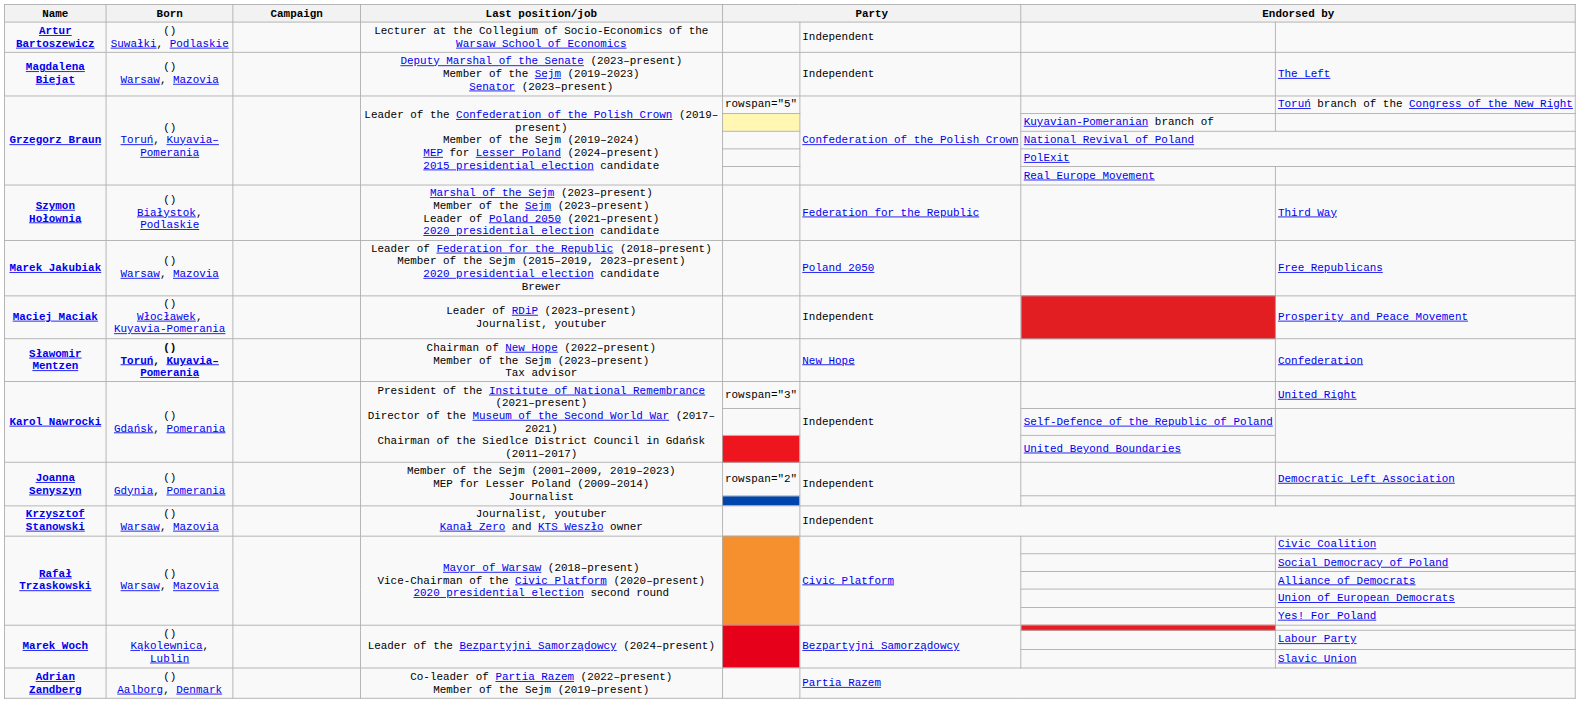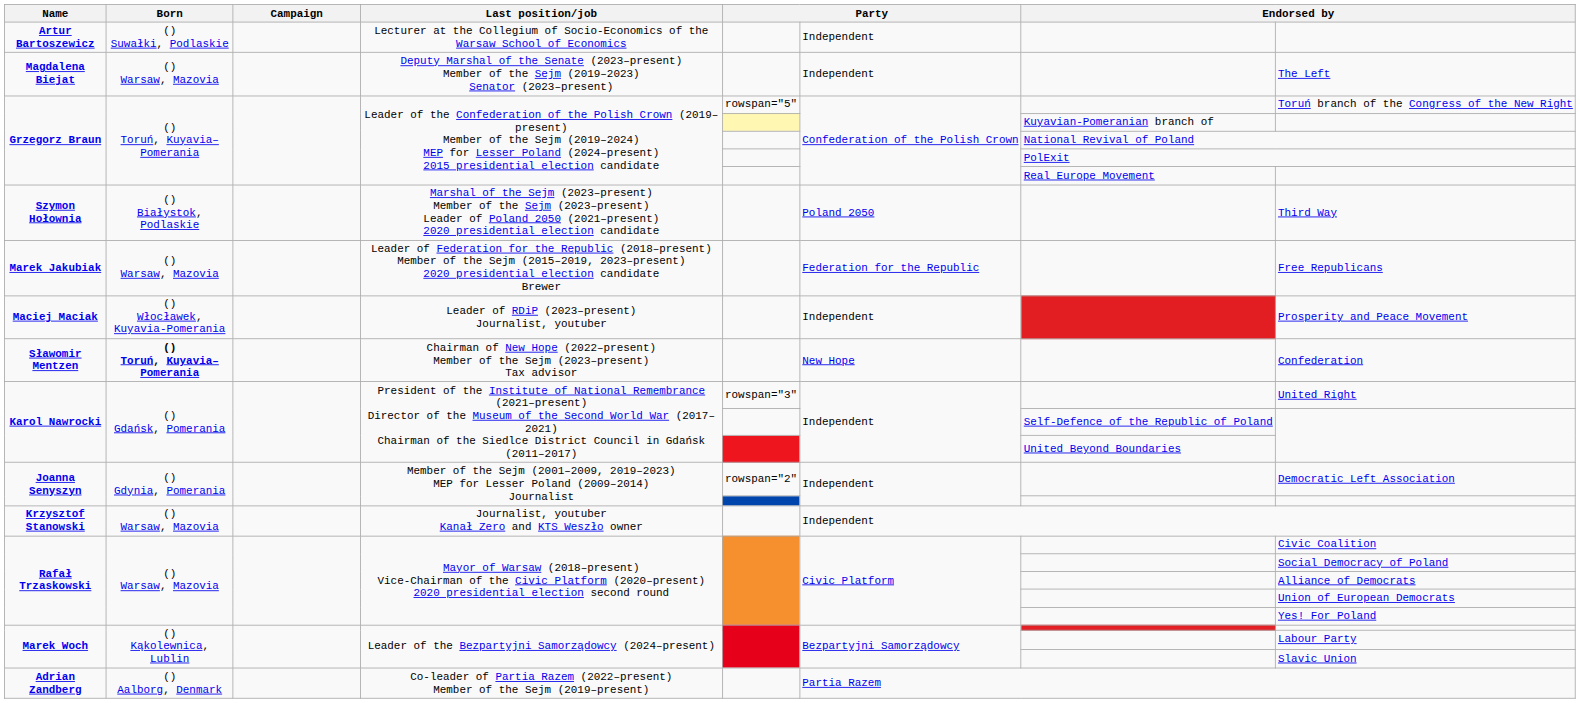 <table class="wikitable sortable" style="text-align:center;">
 <tr>
 <th style="width: 115px;">Name</th>
 <th style="width: 145px;">Born</th>
 <th style="width: 145px;">Campaign</th>
 <th style="width: 425px;", class="unsortable">Last position/job</th>
 <th style="width: 215px;" colspan="2">Party</th>
 <th style="width: 215px;" colspan="2">Endorsed by</th>
 </tr>
 <tr>
 <td data-sort-value="Bartoszewicz, Artur"><strong><a href='#'>Artur Bartoszewicz</a></strong></td>
 <td> ()<br><a href='#'>Suwałki</a>, <a href='#'>Podlaskie</a></td>
 <td></td>
 <td>Lecturer at the Collegium of Socio-Economics of the <a href='#'>Warsaw School of Economics</a></td>
 <td></td>
 <td style="text-align:left;">Independent</td>
 <td></td>
 <td style="text-align:left;"></td>
 </tr>
 <tr>
 <td data-sort-value="Biejat, Magdalena"><strong><a href='#'>Magdalena Biejat</a></strong></td>
 <td> ()<br><a href='#'>Warsaw</a>, <a href='#'>Mazovia</a></td>
 <td></td>
 <td><a href='#'>Deputy Marshal of the Senate</a> (2023–present)<br>Member of the <a href='#'>Sejm</a> (2019–2023)<br><a href='#'>Senator</a> (2023–present)</td>
 <td></td>
 <td style="text-align:left;">Independent</td>
 <td></td>
 <td style="text-align:left;"><a href='#'>The Left</a></td>
 </tr>
 <tr>
 <td data-sort-value="Braun, Grzegorz" rowspan="5"><strong><a href='#'>Grzegorz Braun</a></strong></td>
 <td rowspan="5"> ()<br><a href='#'>Toruń</a>, <a href='#'>Kuyavia–Pomerania</a></td>
 <td rowspan="5"></td>
 <td rowspan="5">Leader of the <a href='#'>Confederation of the Polish Crown</a> (2019–present)<br>Member of the Sejm (2019–2024)<br><a href='#'>MEP</a> for <a href='#'>Lesser Poland</a> (2024–present)<br><a href='#'>2015 presidential election</a> candidate</td>
 <td>rowspan="5" </td>
 <td style="text-align:left;" rowspan="5"><a href='#'>Confederation of the Polish Crown</a></td>
 <td></td>
 <td style="text-align:left;"><a href='#'>Toruń</a> branch of the <a href='#'>Congress of the New Right</a></td>
 </tr>
 <tr>
 <td style="background:#FFF7B2;"></td>
 <td style="text-align:left;"><a href='#'>Kuyavian-Pomeranian</a> branch of </td>
 </tr>
 <tr>
 <td></td>
 <td colspan="3" style="text-align:left;"><a href='#'>National Revival of Poland</a></td>
 </tr>
 <tr>
 <td></td>
 <td colspan="3" style="text-align:left;"><a href='#'>PolExit</a></td>
 </tr>
 <tr>
 <td></td>
 <td style="text-align:left;"><a href='#'>Real Europe Movement</a></td>
 </tr>
 <tr>
 <td data-sort-value="Hołownia, Szymon"><strong><a href='#'>Szymon Hołownia</a></strong></td>
 <td> ()<br><a href='#'>Białystok</a>, <a href='#'>Podlaskie</a></td>
 <td></td>
 <td><a href='#'>Marshal of the Sejm</a> (2023–present)<br>Member of the <a href='#'>Sejm</a> (2023–present)<br>Leader of <a href='#'>Poland 2050</a> (2021–present)<br><a href='#'>2020 presidential election</a> candidate</td>
 <td></td>
-<td style="text-align:left;"><a href='#'>Federation for the Republic</a></td>
+<td style="text-align:left;"><a href='#'>Poland 2050</a></td>
 <td></td>
 <td style="text-align:left;"><a href='#'>Third Way</a></td>
 </tr>
 <tr>
 <td data-sort-value="Jakubiak, Marek"><strong><a href='#'>Marek Jakubiak</a></strong></td>
 <td> ()<br><a href='#'>Warsaw</a>, <a href='#'>Mazovia</a></td>
 <td></td>
 <td>Leader of <a href='#'>Federation for the Republic</a> (2018–present)<br>Member of the Sejm (2015–2019, 2023–present)<br><a href='#'>2020 presidential election</a> candidate<br>Brewer</td>
 <td></td>
-<td style="text-align:left;"><a href='#'>Poland 2050</a></td>
+<td style="text-align:left;"><a href='#'>Federation for the Republic</a></td>
 <td></td>
 <td style="text-align:left;"><a href='#'>Free Republicans</a></td>
 </tr>
 <tr>
 <td data-sort-value="Maciak, Maciej"><strong><a href='#'>Maciej Maciak</a></strong></td>
 <td> ()<br><a href='#'>Włocławek</a>, <a href='#'>Kuyavia-Pomerania</a></td>
 <td></td>
 <td>Leader of <a href='#'>RDiP</a> (2023–present)<br>Journalist, youtuber</td>
 <td></td>
 <td style="text-align:left;">Independent</td>
 <td style="background:#e31e23;"></td>
 <td style="text-align:left;"><a href='#'>Prosperity and Peace Movement</a></td>
 </tr>
 <tr>
 <td data-sort-value="Mentzen, Sławomir"> <strong><a href='#'>Sławomir Mentzen</a></strong></td>
 <td><strong> ()<br><a href='#'>Toruń</a>, <a href='#'>Kuyavia–Pomerania</a></strong></td>
 <td></td>
 <td>Chairman of <a href='#'>New Hope</a> (2022–present)<br>Member of the Sejm (2023–present)<br>Tax advisor</td>
 <td></td>
 <td style="text-align:left;"><a href='#'>New Hope</a></td>
 <td></td>
 <td style="text-align:left;"><a href='#'>Confederation</a></td>
 </tr>
 <tr>
 <td data-sort-value="Nawrocki, Karol" rowspan="3"><strong><a href='#'>Karol Nawrocki</a></strong></td>
 <td rowspan="3"> ()<br><a href='#'>Gdańsk</a>, <a href='#'>Pomerania</a></td>
 <td rowspan="3"></td>
 <td rowspan="3">President of the <a href='#'>Institute of National Remembrance</a> (2021–present)<br>Director of the <a href='#'>Museum of the Second World War</a> (2017–2021)<br>Chairman of the Siedlce District Council in Gdańsk (2011–2017)</td>
 <td>rowspan="3" </td>
 <td rowspan="3" style="text-align:left;">Independent</td>
 <td></td>
 <td style="text-align:left;"><a href='#'>United Right</a></td>
 </tr>
 <tr>
 <td></td>
 <td style="text-align:left;"><a href='#'>Self-Defence of the Republic of Poland</a></td>
 </tr>
 <tr>
 <td style="background:#ee151f;"></td>
 <td style="text-align:left;"><a href='#'>United Beyond Boundaries</a></td>
 </tr>
 <tr>
 <td data-sort-value="Senyszyn, Joanna" rowspan="2"><strong><a href='#'>Joanna Senyszyn</a></strong></td>
 <td rowspan="2"> ()<br><a href='#'>Gdynia</a>, <a href='#'>Pomerania</a></td>
 <td rowspan="2"></td>
 <td rowspan="2">Member of the Sejm (2001–2009, 2019–2023)<br>MEP for Lesser Poland (2009–2014)<br>Journalist</td>
 <td>rowspan="2" </td>
 <td rowspan="2" style="text-align:left;">Independent</td>
 <td></td>
 <td style="text-align:left;"><a href='#'>Democratic Left Association</a></td>
 </tr>
 <tr>
 <td style="background:#0045AC;"></td>
 <td style="text-align:left;"></td>
 </tr>
 <tr>
 <td data-sort-value="Stanowski, Krzysztof"><strong><a href='#'>Krzysztof Stanowski</a></strong></td>
 <td> ()<br><a href='#'>Warsaw</a>, <a href='#'>Mazovia</a></td>
 <td></td>
 <td>Journalist, youtuber<br><a href='#'>Kanał Zero</a> and <a href='#'>KTS Weszło</a> owner</td>
 <td></td>
 <td style="text-align:left;" colspan="3">Independent</td>
 </tr>
 <tr>
 <td data-sort-value="Trzaskowski, Rafał" rowspan="5"><strong><a href='#'>Rafał Trzaskowski</a></strong></td>
 <td rowspan="5"> ()<br><a href='#'>Warsaw</a>, <a href='#'>Mazovia</a></td>
 <td rowspan="5"></td>
 <td rowspan="5"><a href='#'>Mayor of Warsaw</a> (2018–present)<br>Vice-Chairman of the <a href='#'>Civic Platform</a> (2020–present)<br><a href='#'>2020 presidential election</a> second round</td>
 <td rowspan="5" style="background:#F68F2D;"></td>
 <td rowspan="5" style="text-align:left;"><a href='#'>Civic Platform</a></td>
 <td></td>
 <td style="text-align:left;"><a href='#'>Civic Coalition</a></td>
 </tr>
 <tr>
 <td></td>
 <td style="text-align:left;"><a href='#'>Social Democracy of Poland</a></td>
 </tr>
 <tr>
 <td></td>
 <td style="text-align:left;"><a href='#'>Alliance of Democrats</a></td>
 </tr>
 <tr>
 <td></td>
 <td style="text-align:left;"><a href='#'>Union of European Democrats</a></td>
 </tr>
 <tr>
 <td></td>
 <td style="text-align:left;"><a href='#'>Yes! For Poland</a></td>
 </tr>
 <tr>
 <td data-sort-value="Woch, Marek" rowspan="3"><strong><a href='#'>Marek Woch</a></strong></td>
 <td rowspan="3"> ()<br><a href='#'>Kąkolewnica</a>, <a href='#'>Lublin</a></td>
 <td rowspan="3"></td>
 <td rowspan="3">Leader of the <a href='#'>Bezpartyjni Samorządowcy</a> (2024–present)</td>
 <td rowspan="3" style="background:#E6001A;"></td>
 <td rowspan="3" style="text-align:left;"><a href='#'>Bezpartyjni Samorządowcy</a></td>
 <td style="background:#E31E24;"></td>
 <td style="text-align:left;"></td>
 </tr>
 <tr>
 <td></td>
 <td style="text-align:left;"><a href='#'>Labour Party</a></td>
 </tr>
 <tr>
 <td></td>
 <td style="text-align:left;"><a href='#'>Slavic Union</a></td>
 </tr>
 <tr>
 <td data-sort-value="Zandberg, Adrian"><strong><a href='#'>Adrian Zandberg</a></strong></td>
 <td> ()<br><a href='#'>Aalborg</a>, <a href='#'>Denmark</a></td>
 <td></td>
 <td>Co-leader of <a href='#'>Partia Razem</a> (2022–present) <br>Member of the Sejm (2019–present)</td>
 <td></td>
 <td colspan="3" style="text-align:left;"><a href='#'>Partia Razem</a></td>
 </tr>
 </table>
